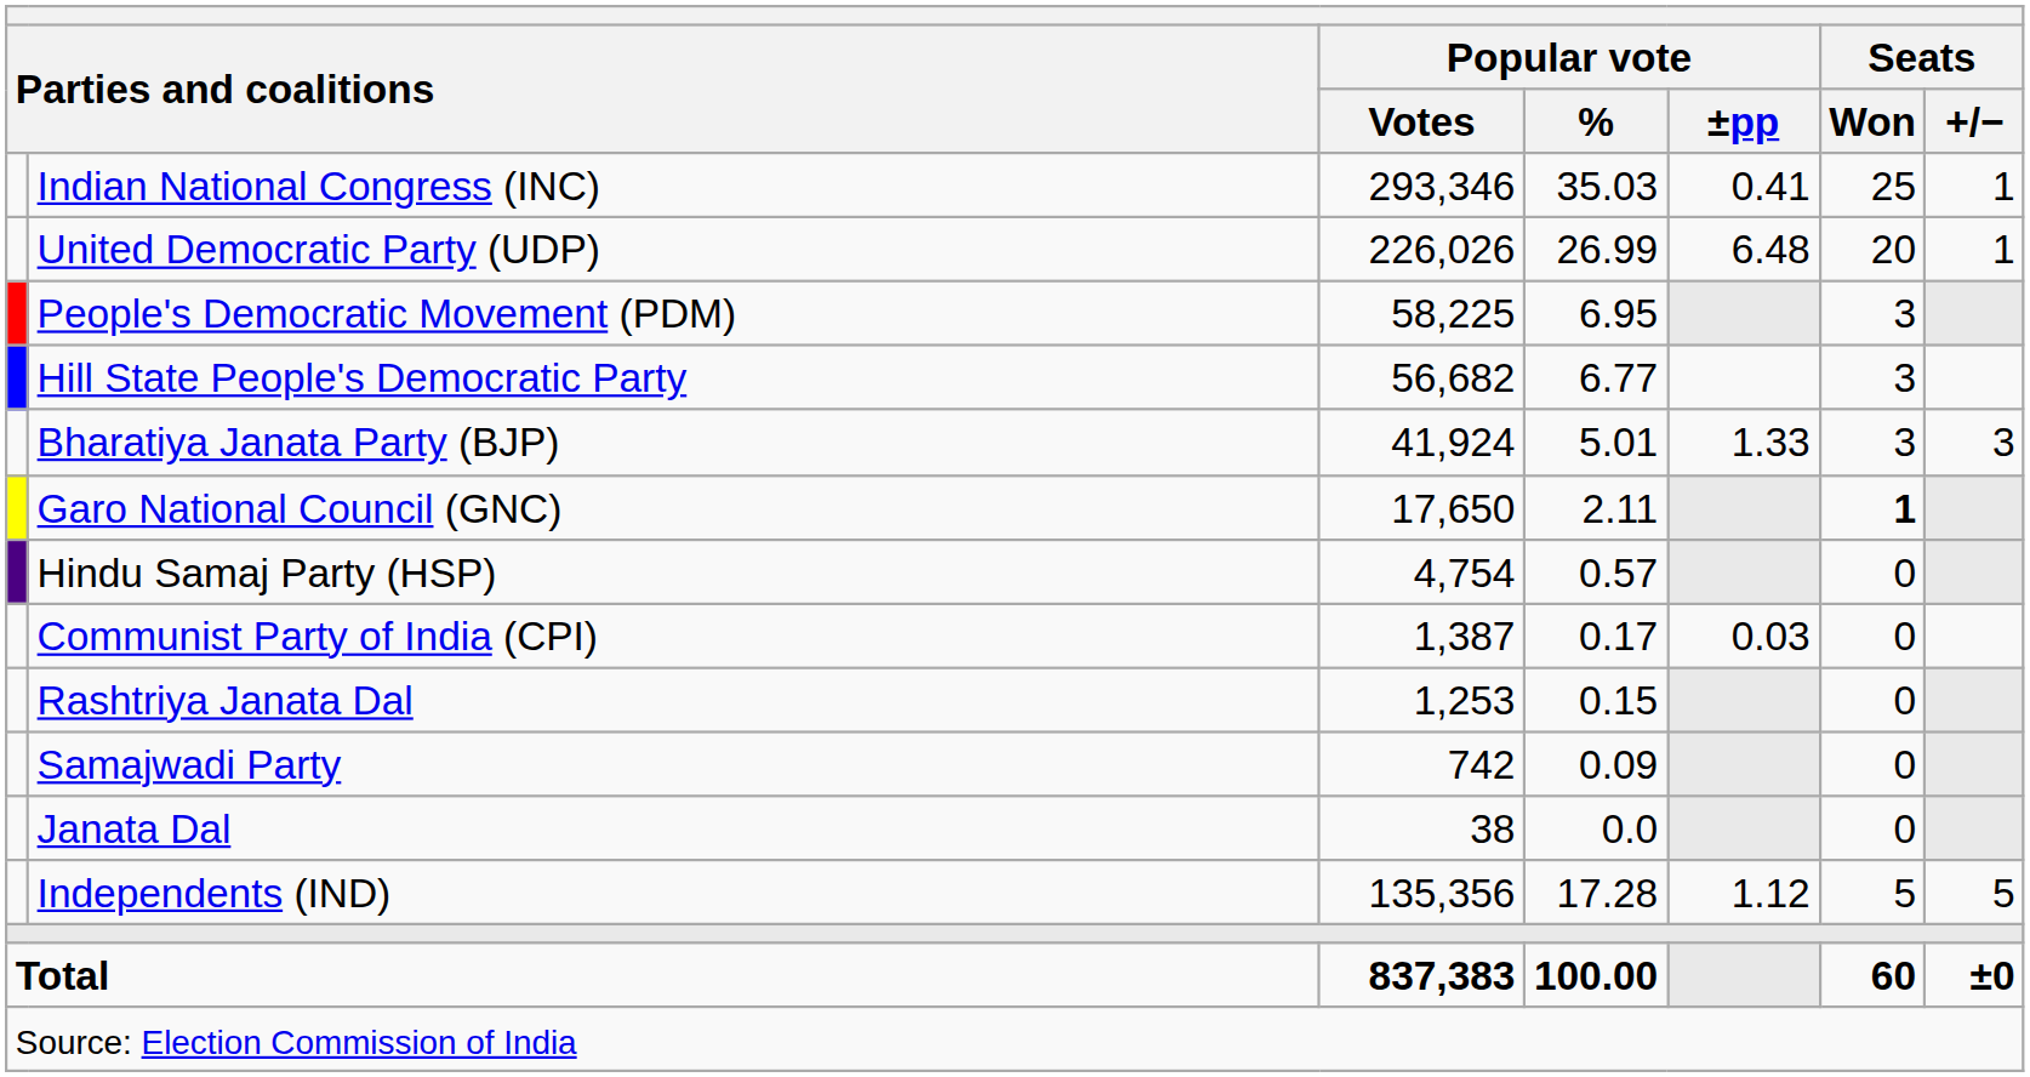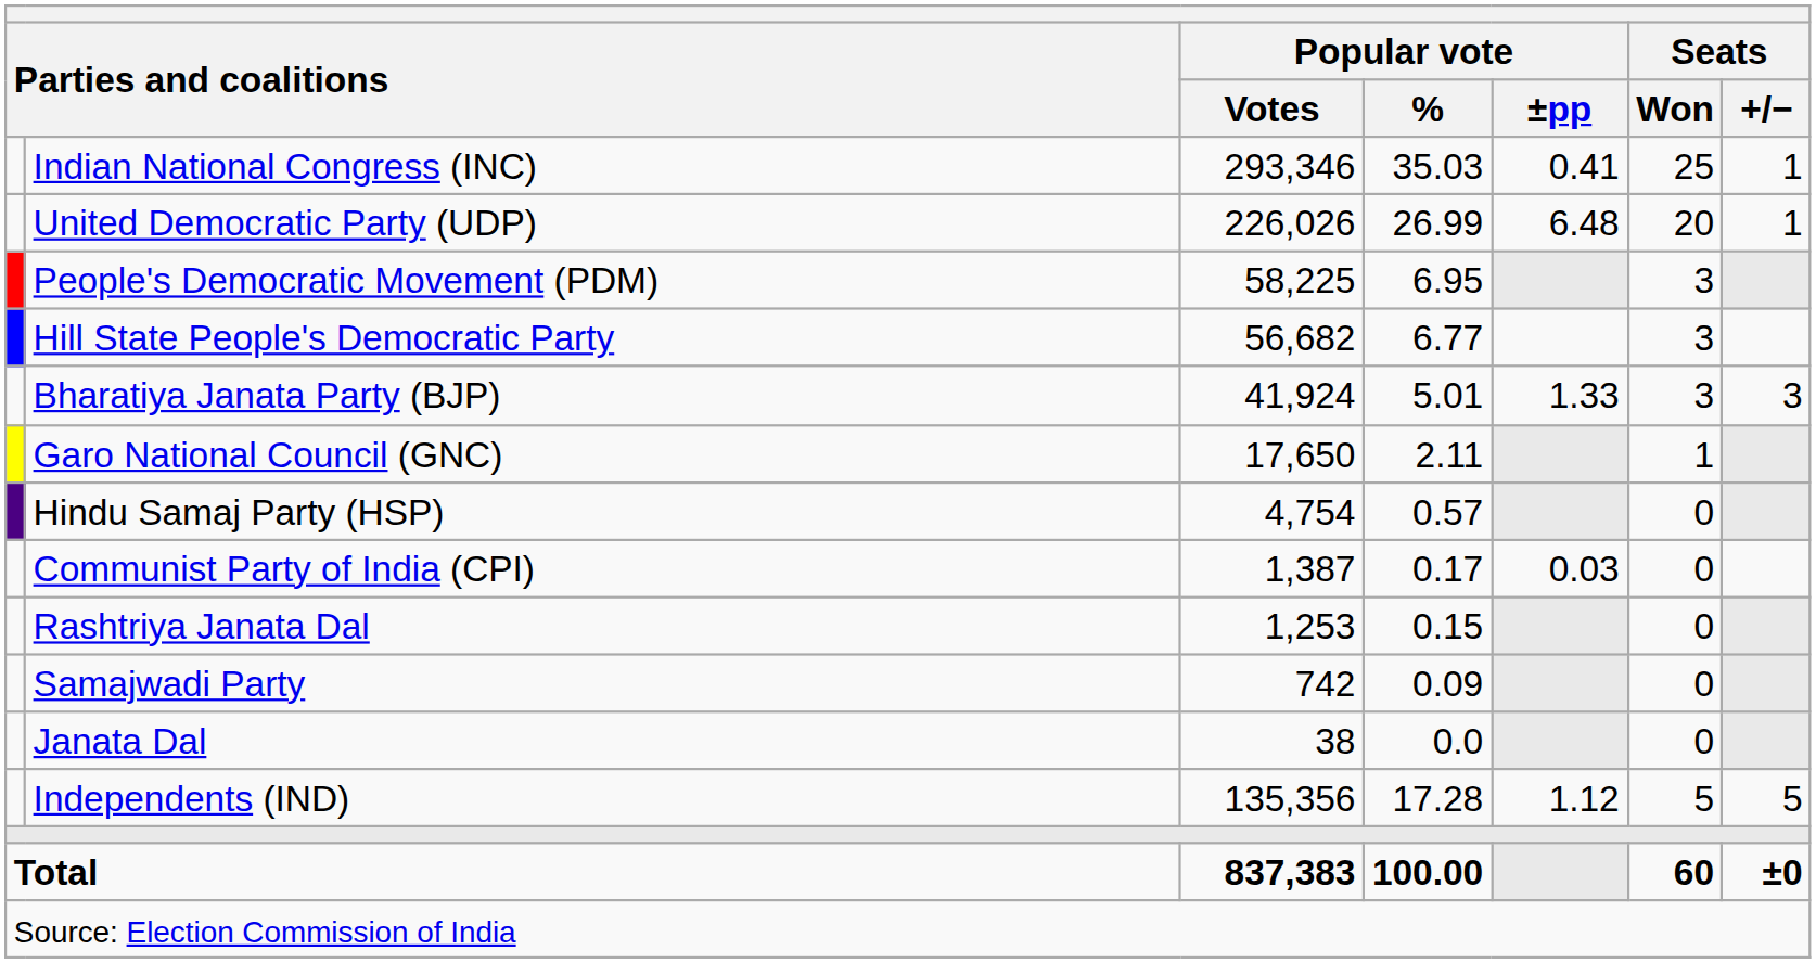 <table class="wikitable" style="text-align:right; font-size:95%;">
 <tr>
 <th colspan=10></th>
 </tr>
 <tr>
 <th style="text-align:left;" rowspan="2" colspan="2" width="485">Parties and coalitions</th>
 <th colspan="3">Popular vote</th>
 <th colspan="2">Seats</th>
 </tr>
 <tr>
 <th width="70">Votes</th>
 <th width="45">%</th>
 <th width="50">±<a href='#'>pp</a></th>
 <th width="30">Won</th>
 <th width="30">+/−</th>
 </tr>
 <tr>
 <td width="1" style="color:inherit;background:"></td>
 <td align="left"><a href='#'>Indian National Congress</a> (INC)</td>
 <td>293,346</td>
 <td>35.03</td>
 <td>0.41 </td>
 <td>25</td>
 <td>1 </td>
 </tr>
 <tr>
 <td width="1" bgcolor=></td>
 <td align="left"><a href='#'>United Democratic Party</a> (UDP)</td>
 <td>226,026</td>
 <td>26.99</td>
 <td>6.48 </td>
 <td>20</td>
 <td>1 </td>
 </tr>
 <tr>
 <td width="1" bgcolor="red"></td>
 <td align="left"><a href='#'>People's Democratic Movement</a> (PDM)</td>
 <td>58,225</td>
 <td>6.95</td>
 <td style="color:inherit;background:#E9E9E9"></td>
 <td>3</td>
 <td style="color:inherit;background:#E9E9E9"></td>
 </tr>
 <tr>
 <td width="1" bgcolor="blue"></td>
 <td align="left"><a href='#'>Hill State People's Democratic Party</a></td>
 <td>56,682</td>
 <td>6.77</td>
 <td></td>
 <td>3</td>
 <td></td>
 </tr>
 <tr>
 <td width="1"></td>
 <td align="left"><a href='#'>Bharatiya Janata Party</a> (BJP)</td>
 <td>41,924</td>
 <td>5.01</td>
 <td>1.33 </td>
 <td>3</td>
 <td>3 </td>
 </tr>
 <tr>
 <td width="1" bgcolor="yellow"></td>
 <td align="left"><a href='#'>Garo National Council</a> (GNC)</td>
 <td>17,650</td>
 <td>2.11</td>
 <td style="color:inherit;background:#E9E9E9"></td>
-<td><strong>1</strong></td>
+<td>1</td>
 <td style="color:inherit;background:#E9E9E9"></td>
 </tr>
 <tr>
 <td width="1" bgcolor="indigo"></td>
 <td align="left">Hindu Samaj Party (HSP)</td>
 <td>4,754</td>
 <td>0.57</td>
 <td style="color:inherit;background:#E9E9E9"></td>
 <td>0</td>
 <td style="color:inherit;background:#E9E9E9"></td>
 </tr>
 <tr>
 <td></td>
 <td align="left"><a href='#'>Communist Party of India</a> (CPI)</td>
 <td>1,387</td>
 <td>0.17</td>
 <td>0.03 </td>
 <td>0</td>
 <td></td>
 </tr>
 <tr>
 <td width="1"></td>
 <td align="left"><a href='#'>Rashtriya Janata Dal</a></td>
 <td>1,253</td>
 <td>0.15</td>
 <td style="color:inherit;background:#E9E9E9"></td>
 <td>0</td>
 <td style="color:inherit;background:#E9E9E9"></td>
 </tr>
 <tr>
 <td width="1"></td>
 <td align="left"><a href='#'>Samajwadi Party</a></td>
 <td>742</td>
 <td>0.09</td>
 <td style="color:inherit;background:#E9E9E9"></td>
 <td>0</td>
 <td style="color:inherit;background:#E9E9E9"></td>
 </tr>
 <tr>
 <td width="1"></td>
 <td align="left"><a href='#'>Janata Dal</a></td>
 <td>38</td>
 <td>0.0</td>
 <td style="color:inherit;background:#E9E9E9"></td>
 <td>0</td>
 <td style="color:inherit;background:#E9E9E9"></td>
 </tr>
 <tr>
 <td></td>
 <td align="left"><a href='#'>Independents</a> (IND)</td>
 <td>135,356</td>
 <td>17.28</td>
 <td>1.12 </td>
 <td>5</td>
 <td>5 </td>
 </tr>
 <tr>
 <td colspan="7" bgcolor="#E9E9E9"></td>
 </tr>
 <tr style="font-weight:bold;">
 <td align="left" colspan="2">Total</td>
 <td>837,383</td>
 <td>100.00</td>
 <td bgcolor="#E9E9E9"></td>
 <td>60</td>
 <td>±0</td>
 </tr>
 <tr>
 <td style="text-align:left;" colspan="7"><small>Source: <a href='#'>Election Commission of India</a></small></td>
 </tr>
 </table>
